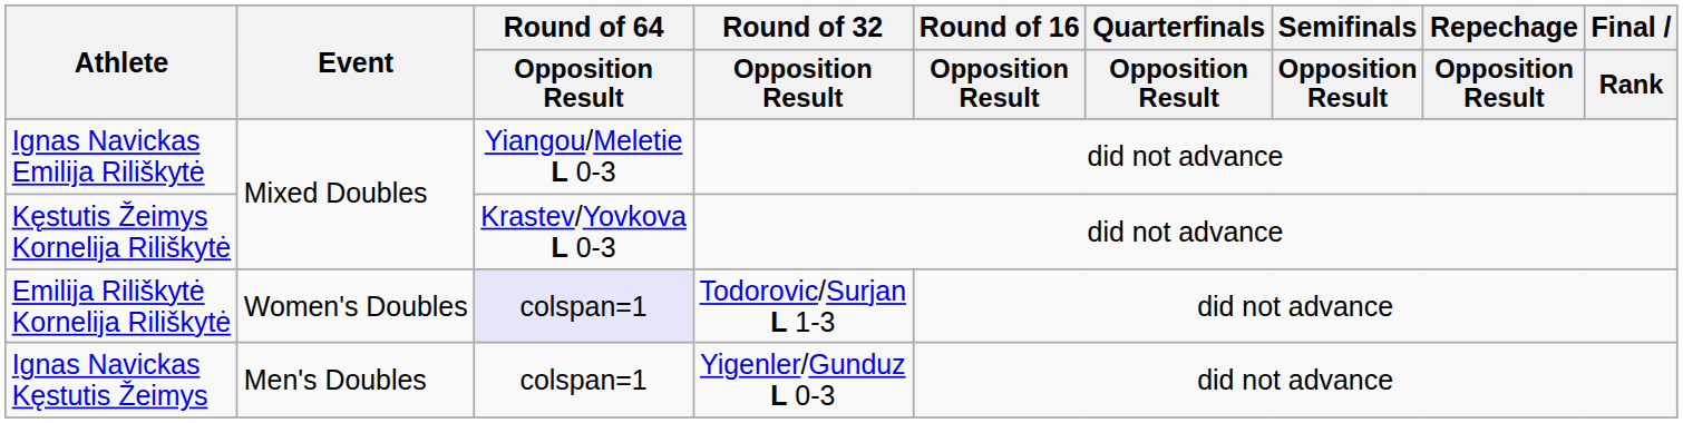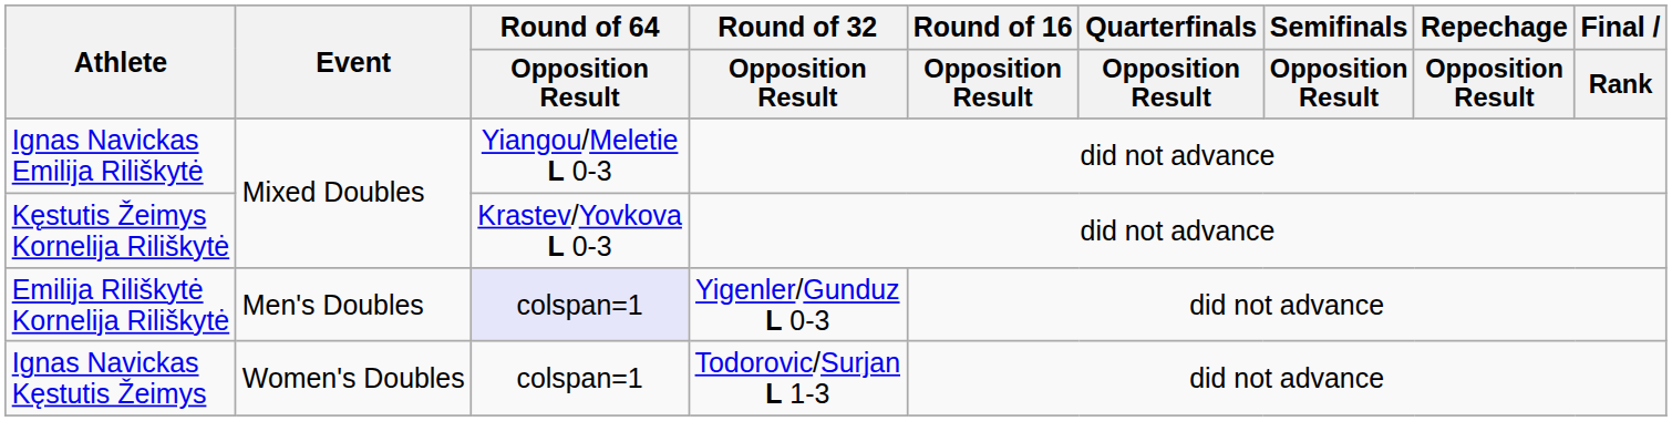 <table class="wikitable" style="font-size:90%">
 <tr>
 <th rowspan="2">Athlete</th>
 <th rowspan="2">Event</th>
 <th>Round of 64</th>
 <th>Round of 32</th>
 <th>Round of 16</th>
 <th>Quarterfinals</th>
 <th>Semifinals</th>
 <th>Repechage</th>
 <th colspan=2>Final / </th>
 </tr>
 <tr style="font-size:95%">
 <th>Opposition<br>Result</th>
 <th>Opposition<br>Result</th>
 <th>Opposition<br>Result</th>
 <th>Opposition<br>Result</th>
 <th>Opposition<br>Result</th>
 <th>Opposition<br>Result</th>
 <th>Rank</th>
 </tr>
 <tr align=center>
 <td align=left><a href='#'>Ignas Navickas</a><br><a href='#'>Emilija Riliškytė</a></td>
 <td align=left rowspan="2">Mixed Doubles</td>
 <td> <a href='#'>Yiangou</a>/<a href='#'>Meletie</a><br><strong>L</strong> 0-3</td>
 <td colspan=7>did not advance</td>
 </tr>
 <tr align=center>
 <td align=left><a href='#'>Kęstutis Žeimys</a><br><a href='#'>Kornelija Riliškytė</a></td>
 <td> <a href='#'>Krastev</a>/<a href='#'>Yovkova</a><br><strong>L</strong> 0-3</td>
 <td colspan=7>did not advance</td>
 </tr>
 <tr align=center>
 <td align=left><a href='#'>Emilija Riliškytė</a><br><a href='#'>Kornelija Riliškytė</a></td>
-<td align=left>Women's Doubles</td>
+<td align=left>Men's Doubles</td>
 <td style="background: lavender;">colspan=1 </td>
-<td> <a href='#'>Todorovic</a>/<a href='#'>Surjan</a><br><strong>L</strong> 1-3</td>
+<td> <a href='#'>Yigenler</a>/<a href='#'>Gunduz</a><br><strong>L</strong> 0-3</td>
 <td colspan=6>did not advance</td>
 </tr>
 <tr align=center>
 <td align=left><a href='#'>Ignas Navickas</a><br><a href='#'>Kęstutis Žeimys</a></td>
-<td align=left>Men's Doubles</td>
+<td align=left>Women's Doubles</td>
 <td>colspan=1 </td>
-<td> <a href='#'>Yigenler</a>/<a href='#'>Gunduz</a><br><strong>L</strong> 0-3</td>
+<td> <a href='#'>Todorovic</a>/<a href='#'>Surjan</a><br><strong>L</strong> 1-3</td>
 <td colspan=6>did not advance</td>
 </tr>
 </table>
